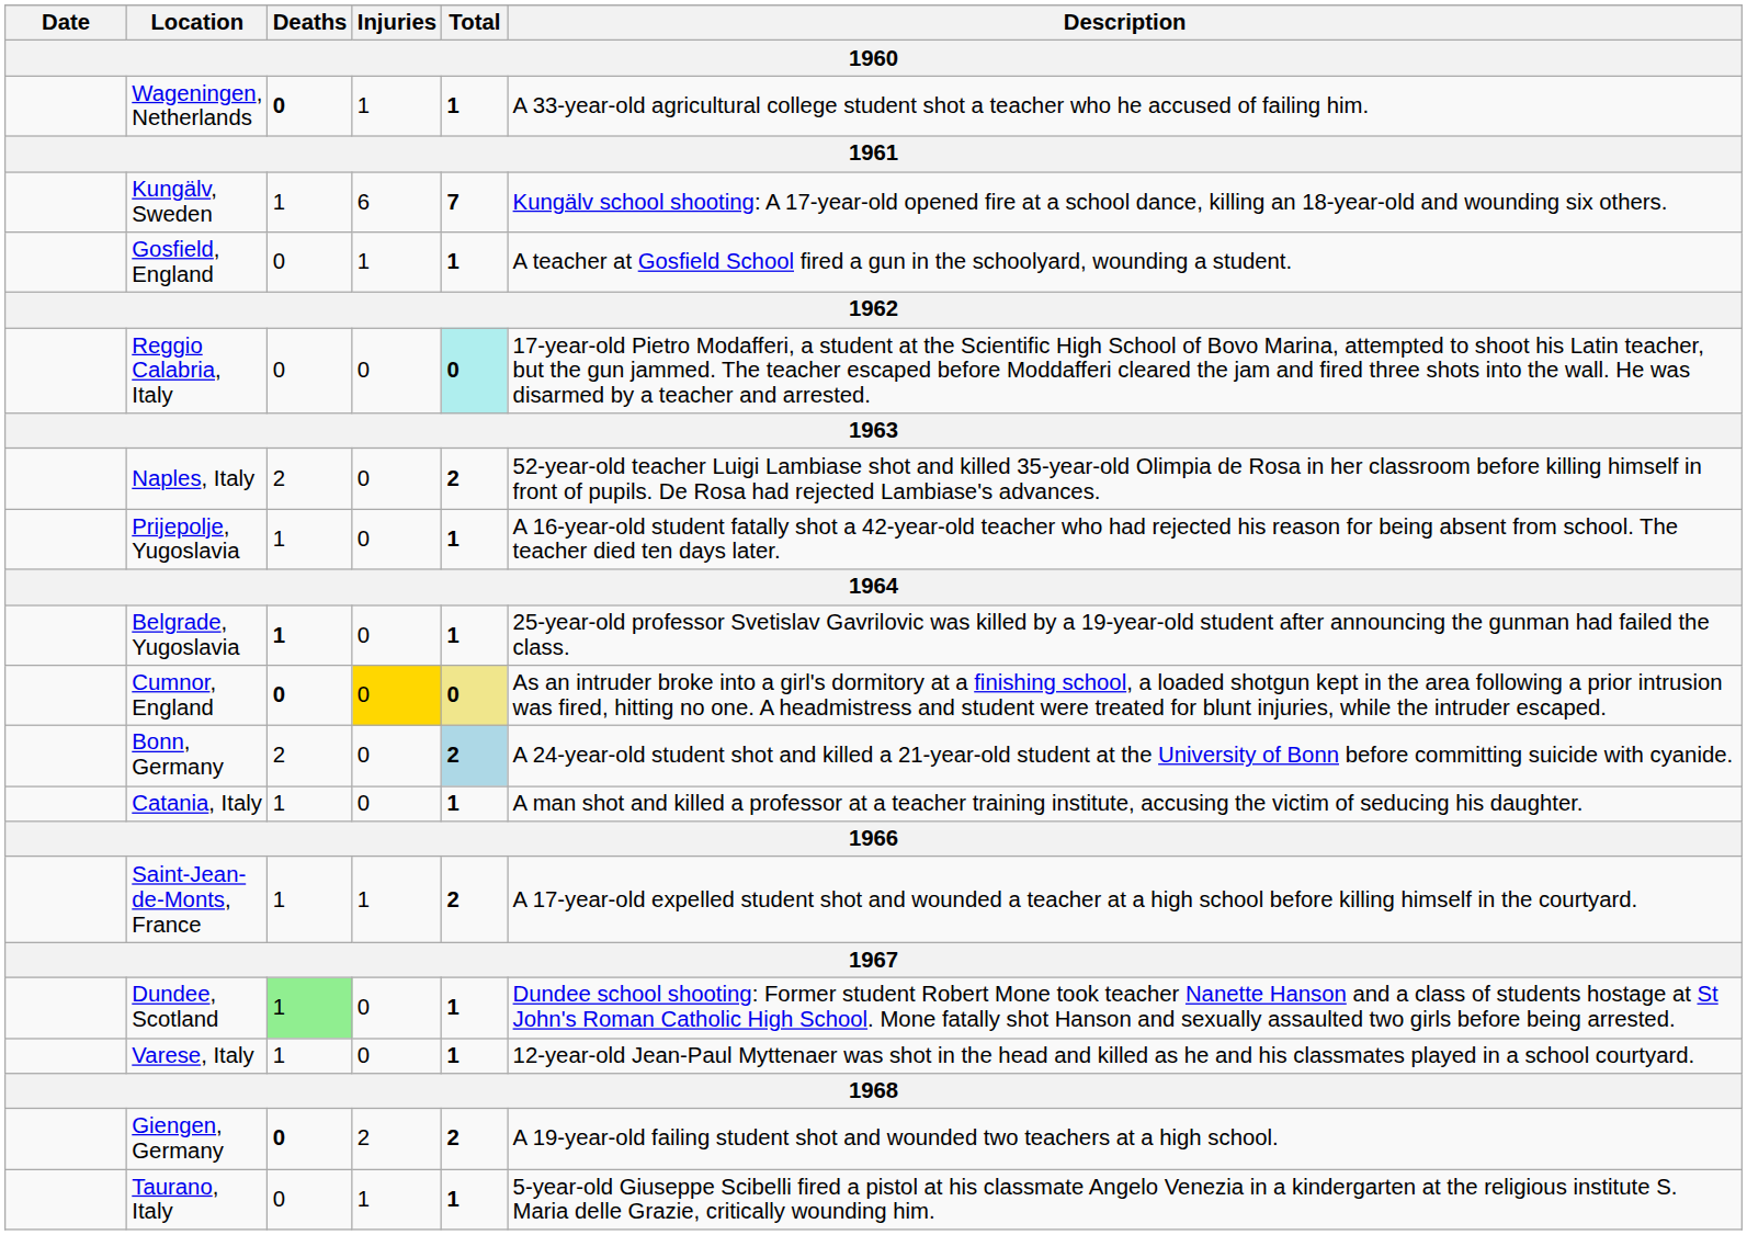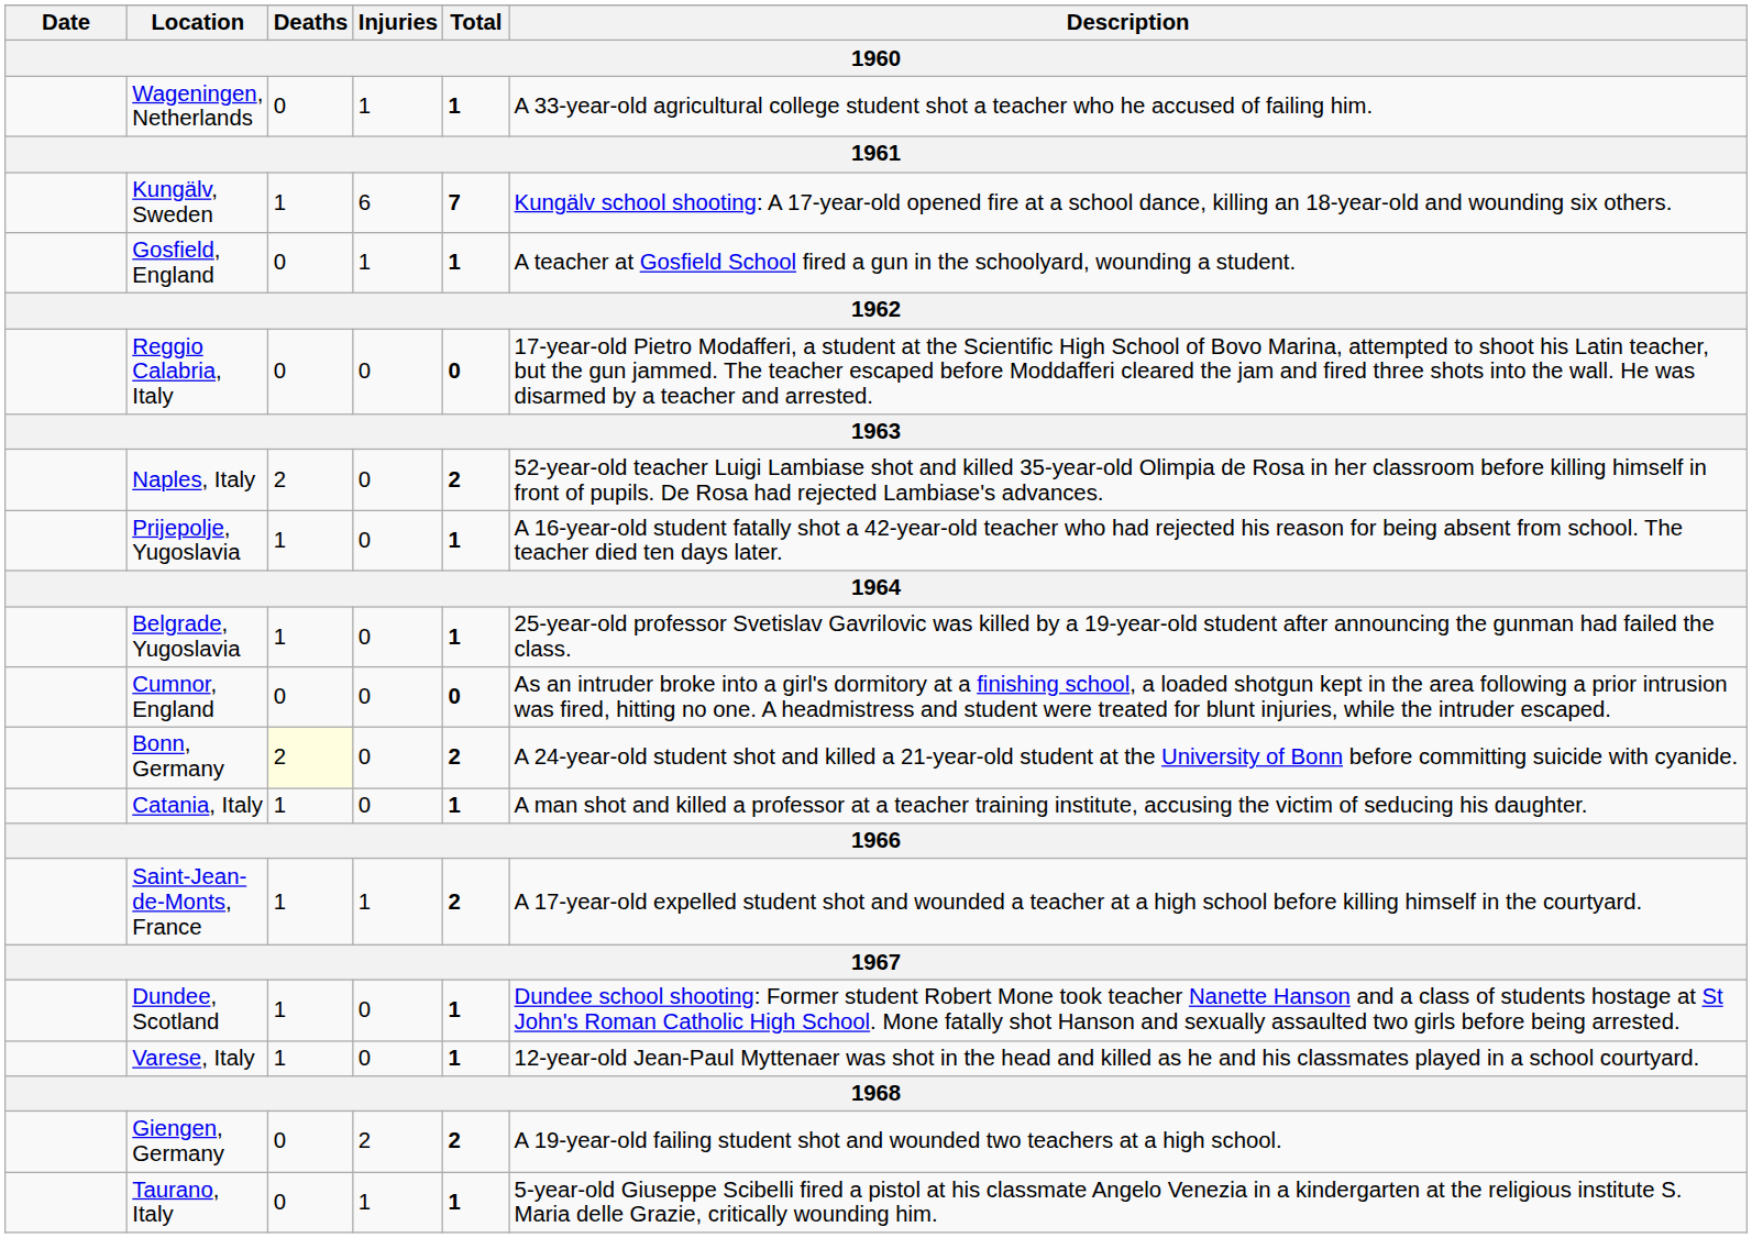 <table class="sortable wikitable" style="font-size:100%;" id="1960s">
 <tr>
 </tr>
 <tr>
 <th style="width:80px;">Date</th>
 <th style="width:90px;">Location</th>
 <th style="width:40px;">Deaths</th>
 <th style="width:40px;">Injuries</th>
 <th style="width:40px;">Total</th>
 <th class="unsortable">Description</th>
 </tr>
 <tr>
 <th colspan="7">1960 </th>
 </tr>
 <tr>
 <td></td>
 <td><a href='#'>Wageningen</a>, Netherlands</td>
-<td><strong>0</strong></td>
+<td>0</td>
 <td>1</td>
 <td><strong>1</strong></td>
 <td>A 33-year-old agricultural college student shot a teacher who he accused of failing him.</td>
 </tr>
 <tr>
 <th colspan="7">1961 </th>
 </tr>
 <tr>
 <td></td>
 <td><a href='#'>Kungälv</a>, Sweden</td>
 <td>1</td>
 <td>6</td>
 <td><strong>7</strong></td>
 <td><a href='#'>Kungälv school shooting</a>: A 17-year-old opened fire at a school dance, killing an 18-year-old and wounding six others.</td>
 </tr>
 <tr>
 <td></td>
 <td><a href='#'>Gosfield</a>, England</td>
 <td>0</td>
 <td>1</td>
 <td><strong>1</strong></td>
 <td>A teacher at <a href='#'>Gosfield School</a> fired a gun in the schoolyard, wounding a student.</td>
 </tr>
 <tr>
 <th colspan="7">1962 </th>
 </tr>
 <tr>
 <td></td>
 <td><a href='#'>Reggio Calabria</a>, Italy</td>
 <td>0</td>
 <td>0</td>
-<td style="background: paleturquoise;"><strong>0</strong></td>
+<td><strong>0</strong></td>
 <td>17-year-old Pietro Modafferi, a student at the Scientific High School of Bovo Marina, attempted to shoot his Latin teacher, but the gun jammed. The teacher escaped before Moddafferi cleared the jam and fired three shots into the wall. He was disarmed by a teacher and arrested.</td>
 </tr>
 <tr>
 <th colspan="7">1963 </th>
 </tr>
 <tr>
 <td></td>
 <td><a href='#'>Naples</a>, Italy</td>
 <td>2</td>
 <td>0</td>
 <td><strong>2</strong></td>
 <td>52-year-old teacher Luigi Lambiase shot and killed 35-year-old Olimpia de Rosa in her classroom before killing himself in front of pupils. De Rosa had rejected Lambiase's advances.</td>
 </tr>
 <tr>
 <td></td>
 <td><a href='#'>Prijepolje</a>, Yugoslavia</td>
 <td>1</td>
 <td>0</td>
 <td><strong>1</strong></td>
 <td>A 16-year-old student fatally shot a 42-year-old teacher who had rejected his reason for being absent from school. The teacher died ten days later.</td>
 </tr>
 <tr>
 <th colspan="7">1964 </th>
 </tr>
 <tr>
 <td></td>
 <td><a href='#'>Belgrade</a>, Yugoslavia</td>
-<td><strong>1</strong></td>
+<td>1</td>
 <td>0</td>
 <td><strong>1</strong></td>
 <td>25-year-old professor Svetislav Gavrilovic was killed by a 19-year-old student after announcing the gunman had failed the class.</td>
 </tr>
 <tr>
 <td></td>
 <td><a href='#'>Cumnor</a>, England</td>
+<td>0</td>
+<td>0</td>
 <td><strong>0</strong></td>
-<td style="background: gold;">0</td>
-<td style="background: khaki;"><strong>0</strong></td>
 <td>As an intruder broke into a girl's dormitory at a <a href='#'>finishing school</a>, a loaded shotgun kept in the area following a prior intrusion was fired, hitting no one. A headmistress and student were treated for blunt injuries, while the intruder escaped.</td>
 </tr>
 <tr>
 <td></td>
 <td><a href='#'>Bonn</a>, Germany</td>
-<td>2</td>
+<td style="background: lightyellow;">2</td>
 <td>0</td>
-<td style="background: lightblue;"><strong>2</strong></td>
+<td><strong>2</strong></td>
 <td>A 24-year-old student shot and killed a 21-year-old student at the <a href='#'>University of Bonn</a> before committing suicide with cyanide.</td>
 </tr>
 <tr>
 <td></td>
 <td><a href='#'>Catania</a>, Italy</td>
 <td>1</td>
 <td>0</td>
 <td><strong>1</strong></td>
 <td>A man shot and killed a professor at a teacher training institute, accusing the victim of seducing his daughter.</td>
 </tr>
 <tr>
 <th colspan="7">1966 </th>
 </tr>
 <tr>
 <td></td>
 <td><a href='#'>Saint-Jean-de-Monts</a>, France</td>
 <td>1</td>
 <td>1</td>
 <td><strong>2</strong></td>
 <td>A 17-year-old expelled student shot and wounded a teacher at a high school before killing himself in the courtyard.</td>
 </tr>
 <tr>
 <th colspan="7">1967 </th>
 </tr>
 <tr>
 <td></td>
 <td><a href='#'>Dundee</a>, Scotland</td>
-<td style="background: lightgreen;">1</td>
+<td>1</td>
 <td>0</td>
 <td><strong>1</strong></td>
 <td><a href='#'>Dundee school shooting</a>: Former student Robert Mone took teacher <a href='#'>Nanette Hanson</a> and a class of students hostage at <a href='#'>St John's Roman Catholic High School</a>. Mone fatally shot Hanson and sexually assaulted two girls before being arrested.</td>
 </tr>
 <tr>
 <td></td>
 <td><a href='#'>Varese</a>, Italy</td>
 <td>1</td>
 <td>0</td>
 <td><strong>1</strong></td>
 <td>12-year-old Jean-Paul Myttenaer was shot in the head and killed as he and his classmates played in a school courtyard.</td>
 </tr>
 <tr>
 <th colspan="7">1968 </th>
 </tr>
 <tr>
 <td></td>
 <td><a href='#'>Giengen</a>, Germany</td>
-<td><strong>0</strong></td>
+<td>0</td>
 <td>2</td>
 <td><strong>2</strong></td>
 <td>A 19-year-old failing student shot and wounded two teachers at a high school.</td>
 </tr>
 <tr>
 <td></td>
 <td><a href='#'>Taurano</a>, Italy</td>
 <td>0</td>
 <td>1</td>
 <td><strong>1</strong></td>
 <td>5-year-old Giuseppe Scibelli fired a pistol at his classmate Angelo Venezia in a kindergarten at the religious institute S. Maria delle Grazie, critically wounding him.</td>
 </tr>
 </table>
